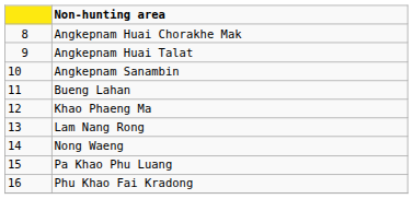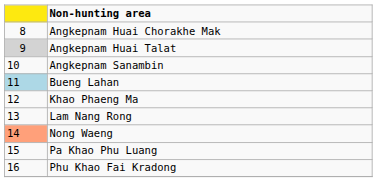 <table class= "wikitable" style= "width:36%; display:inline-table;">
 <tr>
 <td style="width:3%; background:#FDE910;"> </td>
 <td style="width:33%;"><strong>Non-hunting area</strong></td>
 </tr>
 <tr>
 <td>  8</td>
 <td>Angkepnam Huai Chorakhe Mak</td>
 </tr>
 <tr>
-<td>  9</td>
+<td style="background: lightgrey;">  9</td>
 <td>Angkepnam Huai Talat</td>
 </tr>
 <tr>
 <td>10</td>
 <td>Angkepnam Sanambin</td>
 </tr>
 <tr>
-<td>11</td>
+<td style="background: lightblue;">11</td>
 <td>Bueng Lahan</td>
 </tr>
 <tr>
 <td>12</td>
 <td>Khao Phaeng Ma</td>
 </tr>
 <tr>
 <td>13</td>
 <td>Lam Nang Rong</td>
 </tr>
 <tr>
-<td>14</td>
+<td style="background: lightsalmon;">14</td>
 <td>Nong Waeng</td>
 </tr>
 <tr>
 <td>15</td>
 <td>Pa Khao Phu Luang</td>
 </tr>
 <tr>
 <td>16</td>
 <td>Phu Khao Fai Kradong</td>
 </tr>
 <tr>
 </tr>
 </table>
